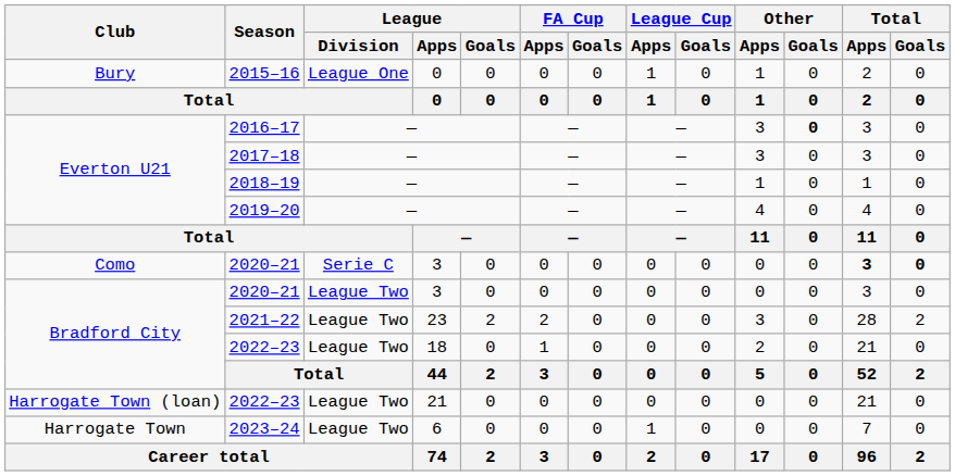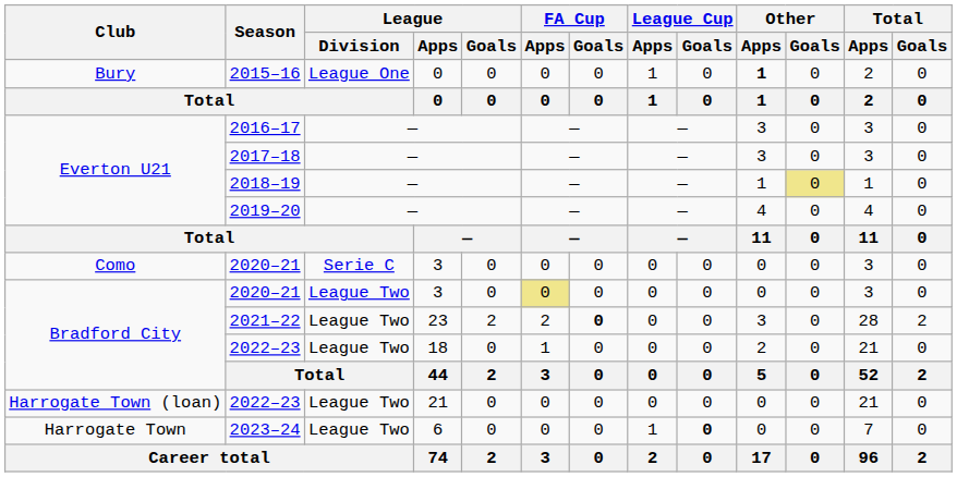 <table class="wikitable" style="text-align: center;">
 <tr>
 <th rowspan="2">Club</th>
 <th rowspan="2">Season</th>
 <th colspan="3">League</th>
 <th colspan="2"><a href='#'>FA Cup</a></th>
 <th colspan="2"><a href='#'>League Cup</a></th>
 <th colspan="2">Other</th>
 <th colspan="2">Total</th>
 </tr>
 <tr>
 <th>Division</th>
 <th>Apps</th>
 <th>Goals</th>
 <th>Apps</th>
 <th>Goals</th>
 <th>Apps</th>
 <th>Goals</th>
 <th>Apps</th>
 <th>Goals</th>
 <th>Apps</th>
 <th>Goals</th>
 </tr>
 <tr>
 <td><a href='#'>Bury</a></td>
 <td><a href='#'>2015–16</a></td>
 <td><a href='#'>League One</a></td>
 <td>0</td>
 <td>0</td>
 <td>0</td>
 <td>0</td>
 <td>1</td>
 <td>0</td>
-<td>1</td>
+<td><strong>1</strong></td>
 <td>0</td>
 <td>2</td>
 <td>0</td>
 </tr>
 <tr>
 <th colspan="3">Total</th>
 <th>0</th>
 <th>0</th>
 <th>0</th>
 <th>0</th>
 <th>1</th>
 <th>0</th>
 <th>1</th>
 <th>0</th>
 <th>2</th>
 <th>0</th>
 </tr>
 <tr>
 <td rowspan='4'><a href='#'>Everton U21</a></td>
 <td><a href='#'>2016–17</a></td>
 <td colspan=3>—</td>
 <td colspan="2">—</td>
 <td colspan="2">—</td>
 <td>3</td>
-<td><strong>0</strong></td>
+<td>0</td>
 <td>3</td>
 <td>0</td>
 </tr>
 <tr>
 <td><a href='#'>2017–18</a></td>
 <td colspan=3>—</td>
 <td colspan="2">—</td>
 <td colspan="2">—</td>
 <td>3</td>
 <td>0</td>
 <td>3</td>
 <td>0</td>
 </tr>
 <tr>
 <td><a href='#'>2018–19</a></td>
 <td colspan=3>—</td>
 <td colspan="2">—</td>
 <td colspan="2">—</td>
 <td>1</td>
-<td>0</td>
+<td style="background: khaki;">0</td>
 <td>1</td>
 <td>0</td>
 </tr>
 <tr>
 <td><a href='#'>2019–20</a></td>
 <td colspan=3>—</td>
 <td colspan="2">—</td>
 <td colspan="2">—</td>
 <td>4</td>
 <td>0</td>
 <td>4</td>
 <td>0</td>
 </tr>
 <tr>
 <th colspan="3">Total</th>
 <th colspan="2">—</th>
 <th colspan="2">—</th>
 <th colspan="2">—</th>
 <th>11</th>
 <th>0</th>
 <th>11</th>
 <th>0</th>
 </tr>
 <tr>
 <td><a href='#'>Como</a></td>
 <td><a href='#'>2020–21</a></td>
 <td><a href='#'>Serie C</a></td>
 <td>3</td>
 <td>0</td>
 <td>0</td>
 <td>0</td>
 <td>0</td>
 <td>0</td>
 <td>0</td>
 <td>0</td>
-<td><strong>3</strong></td>
-<td><strong>0</strong></td>
+<td>3</td>
+<td>0</td>
 </tr>
 <tr>
 <td rowspan="4"><a href='#'>Bradford City</a></td>
 <td><a href='#'>2020–21</a></td>
 <td><a href='#'>League Two</a></td>
 <td>3</td>
 <td>0</td>
-<td>0</td>
+<td style="background: khaki;">0</td>
 <td>0</td>
 <td>0</td>
 <td>0</td>
 <td>0</td>
 <td>0</td>
 <td>3</td>
 <td>0</td>
 </tr>
 <tr>
 <td><a href='#'>2021–22</a></td>
 <td>League Two</td>
 <td>23</td>
 <td>2</td>
 <td>2</td>
-<td>0</td>
+<td><strong>0</strong></td>
 <td>0</td>
 <td>0</td>
 <td>3</td>
 <td>0</td>
 <td>28</td>
 <td>2</td>
 </tr>
 <tr>
 <td><a href='#'>2022–23</a></td>
 <td>League Two</td>
 <td>18</td>
 <td>0</td>
 <td>1</td>
 <td>0</td>
 <td>0</td>
 <td>0</td>
 <td>2</td>
 <td>0</td>
 <td>21</td>
 <td>0</td>
 </tr>
 <tr>
 <th colspan="2">Total</th>
 <th>44</th>
 <th>2</th>
 <th>3</th>
 <th>0</th>
 <th>0</th>
 <th>0</th>
 <th>5</th>
 <th>0</th>
 <th>52</th>
 <th>2</th>
 </tr>
 <tr>
 <td><a href='#'>Harrogate Town</a> (loan)</td>
 <td><a href='#'>2022–23</a></td>
 <td>League Two</td>
 <td>21</td>
 <td>0</td>
 <td>0</td>
 <td>0</td>
 <td>0</td>
 <td>0</td>
 <td>0</td>
 <td>0</td>
 <td>21</td>
 <td>0</td>
 </tr>
 <tr>
 <td>Harrogate Town</td>
 <td><a href='#'>2023–24</a></td>
 <td>League Two</td>
 <td>6</td>
 <td>0</td>
 <td>0</td>
 <td>0</td>
 <td>1</td>
-<td>0</td>
+<td><strong>0</strong></td>
 <td>0</td>
 <td>0</td>
 <td>7</td>
 <td>0</td>
 </tr>
 <tr>
 <th colspan="3">Career total</th>
 <th>74</th>
 <th>2</th>
 <th>3</th>
 <th>0</th>
 <th>2</th>
 <th>0</th>
 <th>17</th>
 <th>0</th>
 <th>96</th>
 <th>2</th>
 </tr>
 </table>
